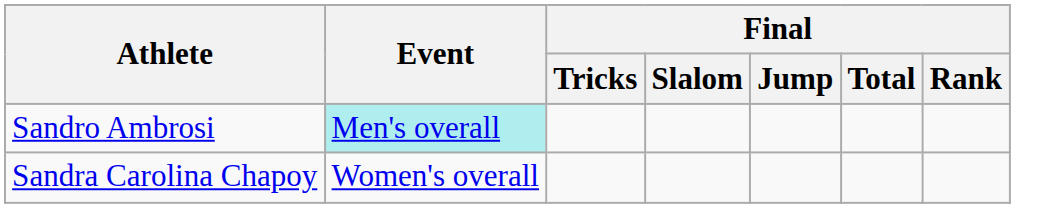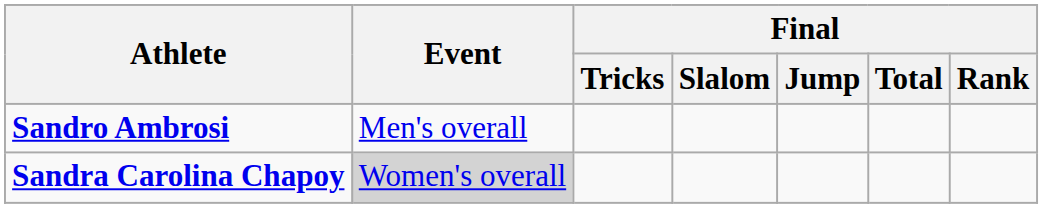 <table class="wikitable" border="1">
 <tr>
 <th rowspan=2>Athlete</th>
 <th rowspan=2>Event</th>
 <th colspan=5>Final</th>
 </tr>
 <tr>
 <th>Tricks</th>
 <th>Slalom</th>
 <th>Jump</th>
 <th>Total</th>
 <th>Rank</th>
 </tr>
 <tr>
-<td><a href='#'>Sandro Ambrosi</a></td>
-<td style="background: paleturquoise;"><a href='#'>Men's overall</a></td>
+<td><strong><a href='#'>Sandro Ambrosi</a></strong></td>
+<td><a href='#'>Men's overall</a></td>
 <td align=center></td>
 <td align=center></td>
 <td align=center></td>
 <td align=center></td>
 <td align=center></td>
 </tr>
 <tr>
-<td><a href='#'>Sandra Carolina Chapoy</a></td>
-<td><a href='#'>Women's overall</a></td>
+<td><strong><a href='#'>Sandra Carolina Chapoy</a></strong></td>
+<td style="background: lightgrey;"><a href='#'>Women's overall</a></td>
 <td align=center></td>
 <td align=center></td>
 <td align=center></td>
 <td align=center></td>
 <td align=center></td>
 </tr>
 </table>
